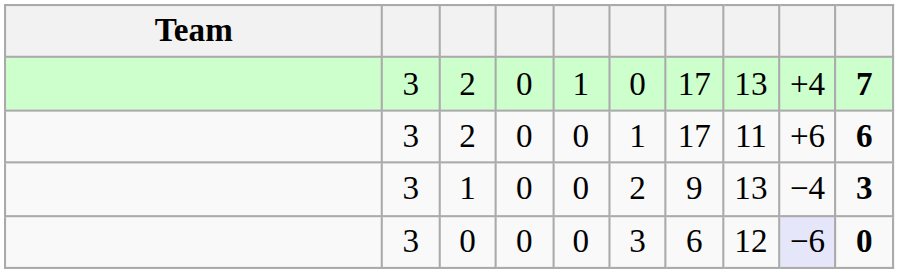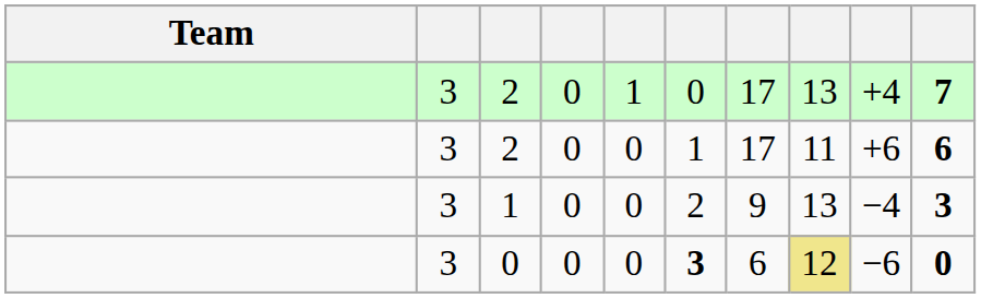 <table class="wikitable" style="text-align: center;">
 <tr>
 <th width="175">Team</th>
 <th width="20"></th>
 <th width="20"></th>
 <th width="20"></th>
 <th width="20"></th>
 <th width="20"></th>
 <th width="20"></th>
 <th width="20"></th>
 <th width="20"></th>
 <th width="20"></th>
 </tr>
 <tr bgcolor=#ccffcc>
 <td align=left></td>
 <td>3</td>
 <td>2</td>
 <td>0</td>
 <td>1</td>
 <td>0</td>
 <td>17</td>
 <td>13</td>
 <td>+4</td>
 <td><strong>7</strong></td>
 </tr>
 <tr>
 <td align=left></td>
 <td>3</td>
 <td>2</td>
 <td>0</td>
 <td>0</td>
 <td>1</td>
 <td>17</td>
 <td>11</td>
 <td>+6</td>
 <td><strong>6</strong></td>
 </tr>
 <tr>
 <td align=left></td>
 <td>3</td>
 <td>1</td>
 <td>0</td>
 <td>0</td>
 <td>2</td>
 <td>9</td>
 <td>13</td>
 <td>−4</td>
 <td><strong>3</strong></td>
 </tr>
 <tr>
 <td align=left></td>
 <td>3</td>
 <td>0</td>
 <td>0</td>
 <td>0</td>
-<td>3</td>
+<td><strong>3</strong></td>
 <td>6</td>
-<td>12</td>
-<td style="background: lavender;">−6</td>
+<td style="background: khaki;">12</td>
+<td>−6</td>
 <td><strong>0</strong></td>
 </tr>
 </table>
